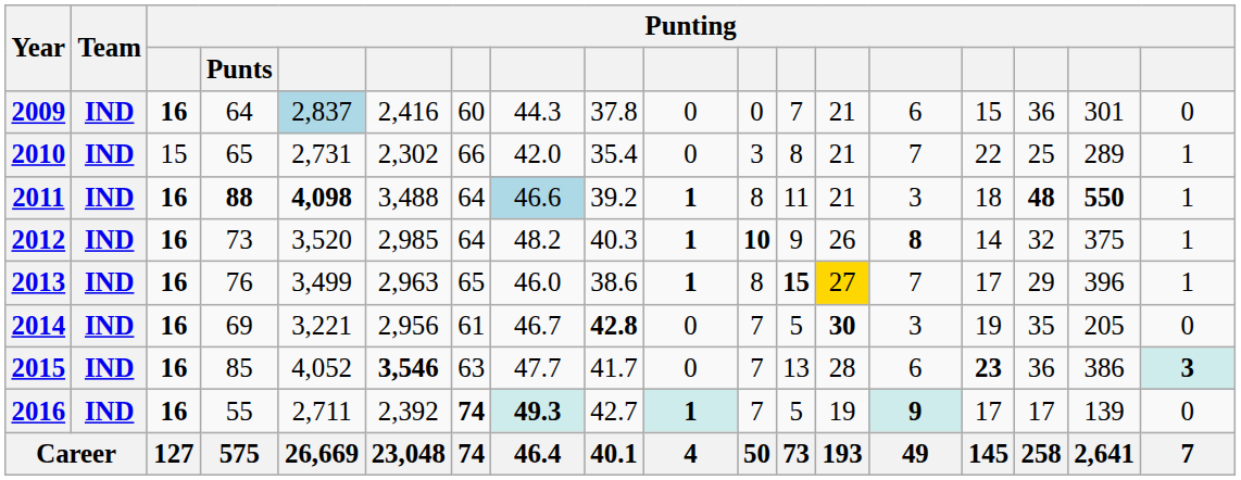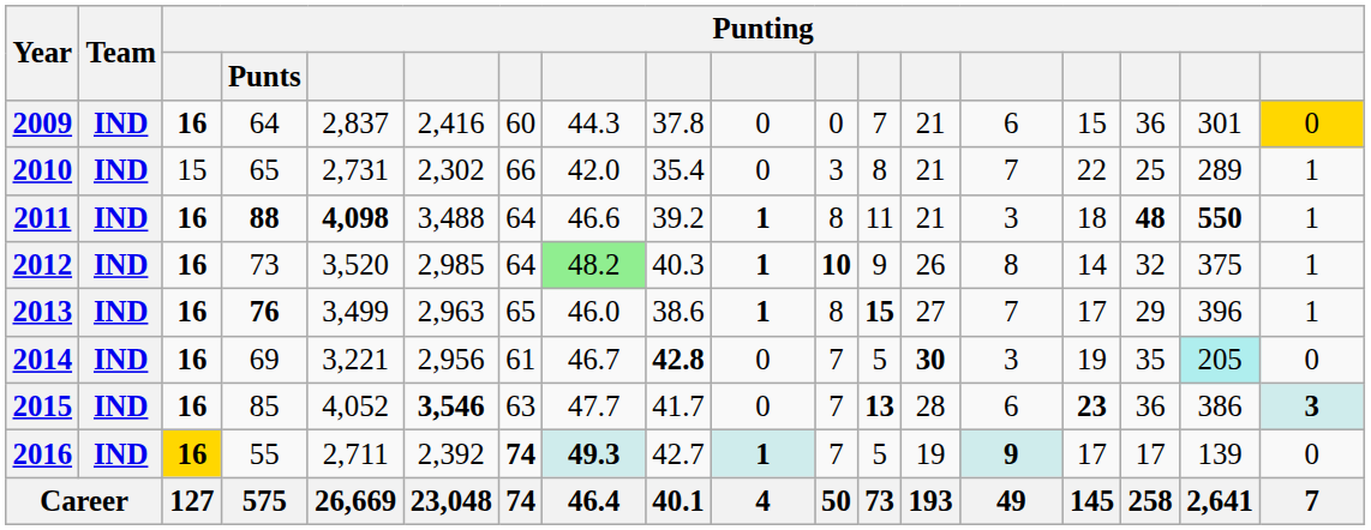 <table class=wikitable style="text-align:center;">
 <tr>
 <th rowspan="2">Year</th>
 <th rowspan="2">Team</th>
 <th colspan="16">Punting</th>
 </tr>
 <tr>
 <th></th>
 <th>Punts</th>
 <th></th>
 <th></th>
 <th></th>
 <th></th>
 <th></th>
 <th></th>
 <th></th>
 <th></th>
 <th></th>
 <th></th>
 <th></th>
 <th></th>
 <th></th>
 <th></th>
 </tr>
 <tr>
 <th><a href='#'>2009</a></th>
 <th><a href='#'>IND</a></th>
 <td><strong>16</strong></td>
 <td>64</td>
-<td style="background: lightblue;">2,837</td>
+<td>2,837</td>
 <td>2,416</td>
 <td>60</td>
 <td>44.3</td>
 <td>37.8</td>
 <td>0</td>
 <td>0</td>
 <td>7</td>
 <td>21</td>
 <td>6</td>
 <td>15</td>
 <td>36</td>
 <td>301</td>
-<td>0</td>
+<td style="background: gold;">0</td>
 </tr>
 <tr>
 <th><a href='#'>2010</a></th>
 <th><a href='#'>IND</a></th>
 <td>15</td>
 <td>65</td>
 <td>2,731</td>
 <td>2,302</td>
 <td>66</td>
 <td>42.0</td>
 <td>35.4</td>
 <td>0</td>
 <td>3</td>
 <td>8</td>
 <td>21</td>
 <td>7</td>
 <td>22</td>
 <td>25</td>
 <td>289</td>
 <td>1</td>
 </tr>
 <tr>
 <th><a href='#'>2011</a></th>
 <th><a href='#'>IND</a></th>
 <td><strong>16</strong></td>
 <td><strong>88</strong></td>
 <td><strong>4,098</strong></td>
 <td>3,488</td>
 <td>64</td>
-<td style="background: lightblue;">46.6</td>
+<td>46.6</td>
 <td>39.2</td>
 <td><strong>1</strong></td>
 <td>8</td>
 <td>11</td>
 <td>21</td>
 <td>3</td>
 <td>18</td>
 <td><strong>48</strong></td>
 <td><strong>550</strong></td>
 <td>1</td>
 </tr>
 <tr>
 <th><a href='#'>2012</a></th>
 <th><a href='#'>IND</a></th>
 <td><strong>16</strong></td>
 <td>73</td>
 <td>3,520</td>
 <td>2,985</td>
 <td>64</td>
-<td>48.2</td>
+<td style="background: lightgreen;">48.2</td>
 <td>40.3</td>
 <td><strong>1</strong></td>
 <td><strong>10</strong></td>
 <td>9</td>
 <td>26</td>
-<td><strong>8</strong></td>
+<td>8</td>
 <td>14</td>
 <td>32</td>
 <td>375</td>
 <td>1</td>
 </tr>
 <tr>
 <th><a href='#'>2013</a></th>
 <th><a href='#'>IND</a></th>
 <td><strong>16</strong></td>
-<td>76</td>
+<td><strong>76</strong></td>
 <td>3,499</td>
 <td>2,963</td>
 <td>65</td>
 <td>46.0</td>
 <td>38.6</td>
 <td><strong>1</strong></td>
 <td>8</td>
 <td><strong>15</strong></td>
-<td style="background: gold;">27</td>
+<td>27</td>
 <td>7</td>
 <td>17</td>
 <td>29</td>
 <td>396</td>
 <td>1</td>
 </tr>
 <tr>
 <th><a href='#'>2014</a></th>
 <th><a href='#'>IND</a></th>
 <td><strong>16</strong></td>
 <td>69</td>
 <td>3,221</td>
 <td>2,956</td>
 <td>61</td>
 <td>46.7</td>
 <td><strong>42.8</strong></td>
 <td>0</td>
 <td>7</td>
 <td>5</td>
 <td><strong>30</strong></td>
 <td>3</td>
 <td>19</td>
 <td>35</td>
-<td>205</td>
+<td style="background: paleturquoise;">205</td>
 <td>0</td>
 </tr>
 <tr>
 <th><a href='#'>2015</a></th>
 <th><a href='#'>IND</a></th>
 <td><strong>16</strong></td>
 <td>85</td>
 <td>4,052</td>
 <td><strong>3,546</strong></td>
 <td>63</td>
 <td>47.7</td>
 <td>41.7</td>
 <td>0</td>
 <td>7</td>
-<td>13</td>
+<td><strong>13</strong></td>
 <td>28</td>
 <td>6</td>
 <td><strong>23</strong></td>
 <td>36</td>
 <td>386</td>
 <td style="background:#cfecec; width:3em;"><strong>3</strong></td>
 </tr>
 <tr>
 <th><a href='#'>2016</a></th>
 <th><a href='#'>IND</a></th>
-<td><strong>16</strong></td>
+<td style="background: gold;"><strong>16</strong></td>
 <td>55</td>
 <td>2,711</td>
 <td>2,392</td>
 <td><strong>74</strong></td>
 <td style="background:#cfecec; width:3em;"><strong>49.3</strong></td>
 <td>42.7</td>
 <td style="background:#cfecec; width:3em;"><strong>1</strong></td>
 <td>7</td>
 <td>5</td>
 <td>19</td>
 <td style="background:#cfecec; width:3em;"><strong>9</strong></td>
 <td>17</td>
 <td>17</td>
 <td>139</td>
 <td>0</td>
 </tr>
 <tr>
 <th colspan="2">Career</th>
 <th>127</th>
 <th>575</th>
 <th>26,669</th>
 <th>23,048</th>
 <th>74</th>
 <th>46.4</th>
 <th>40.1</th>
 <th>4</th>
 <th>50</th>
 <th>73</th>
 <th>193</th>
 <th>49</th>
 <th>145</th>
 <th>258</th>
 <th>2,641</th>
 <th>7</th>
 </tr>
 </table>
